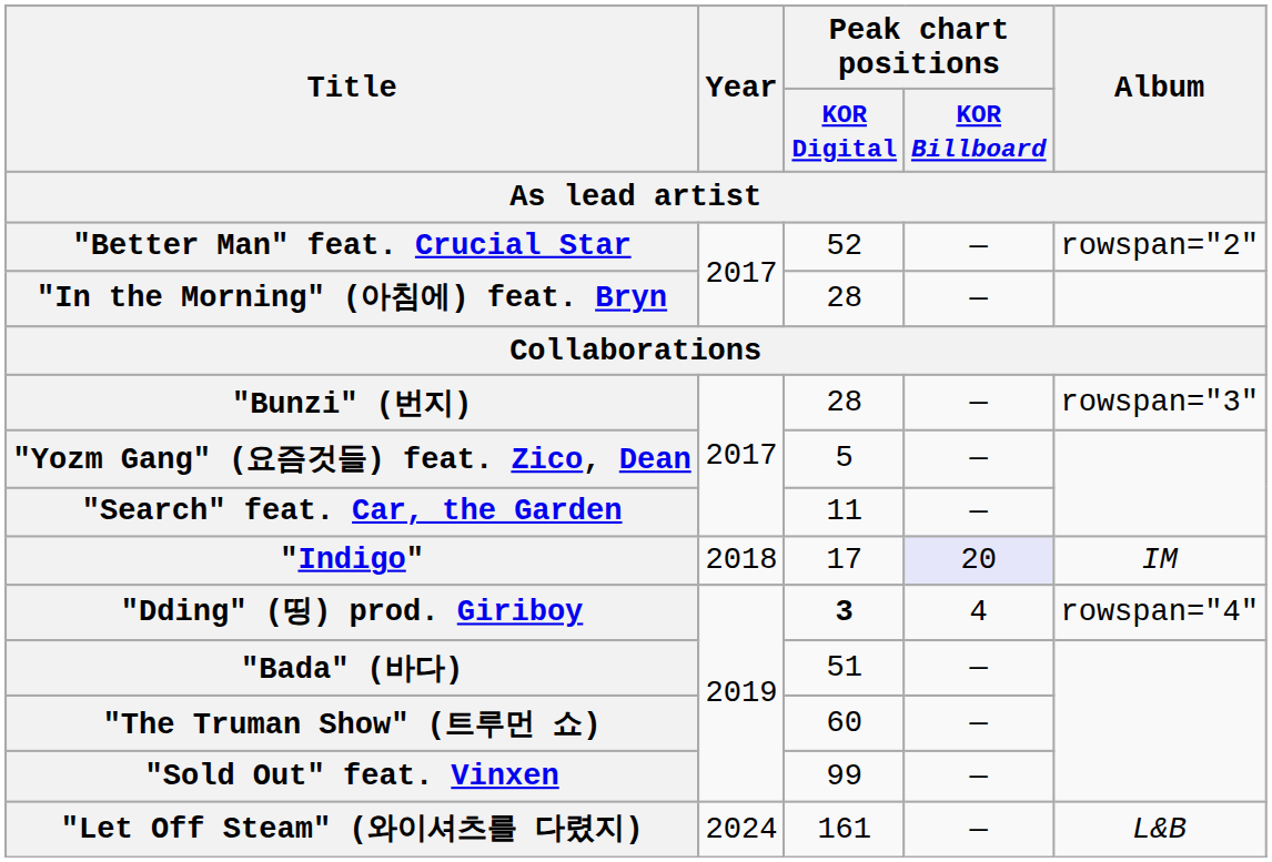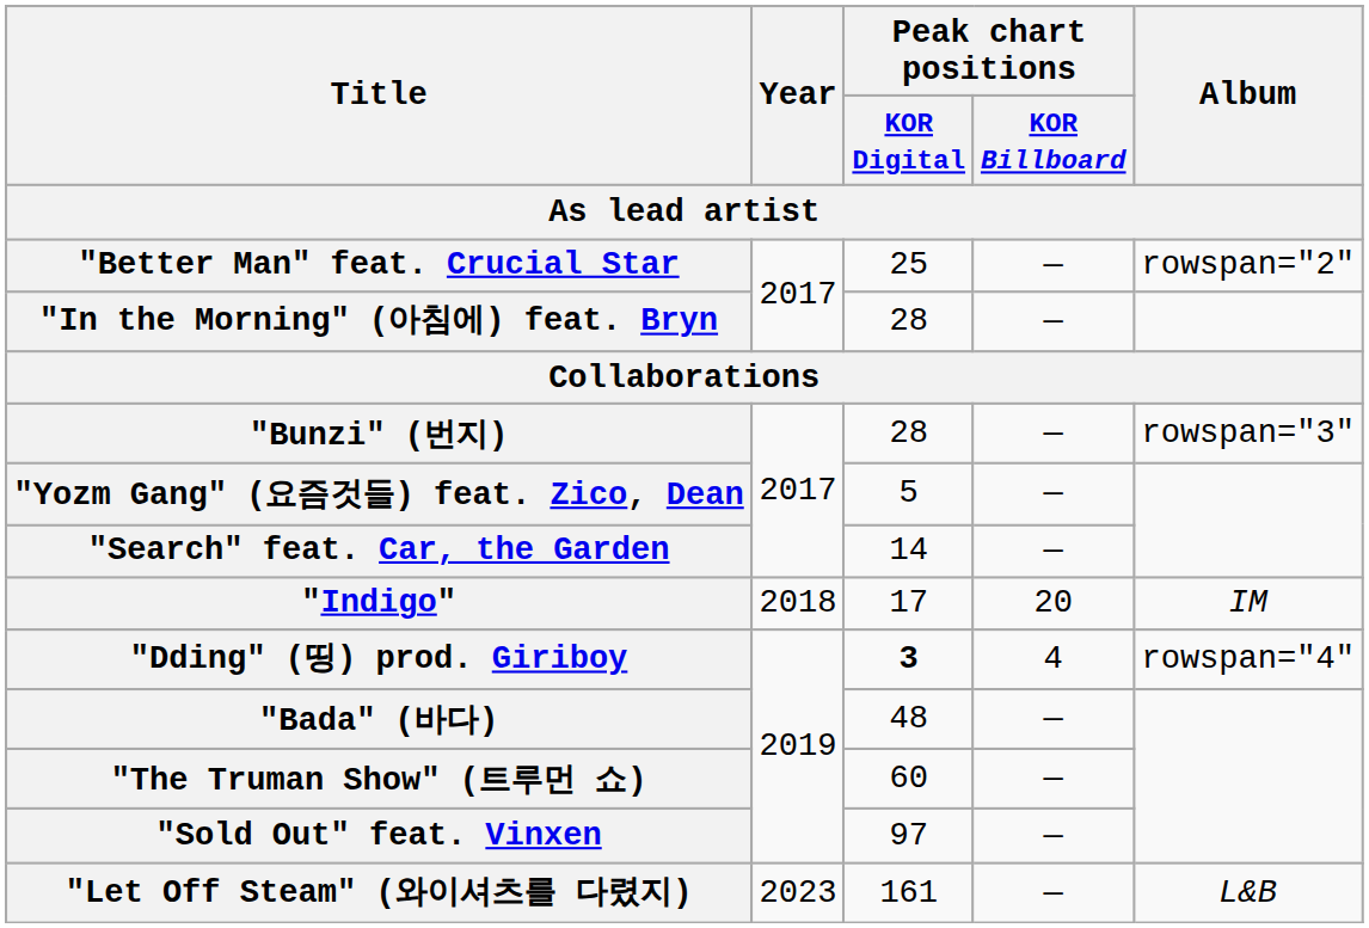 <table class="wikitable plainrowheaders" style="text-align:center;">
 <tr>
 <th scope="col" rowspan="2">Title</th>
 <th scope="col" rowspan="2">Year</th>
 <th scope="col" colspan="2">Peak chart <br> positions</th>
 <th scope="col" rowspan="2">Album</th>
 </tr>
 <tr>
 <th><small><a href='#'>KOR<br>Digital</a></small><br></th>
 <th><small><a href='#'>KOR<br><em>Billboard</em></a></small><br></th>
 </tr>
 <tr>
 <th scope="col" colspan="5">As lead artist</th>
 </tr>
 <tr>
 <th scope="row">"Better Man" feat. <a href='#'>Crucial Star</a></th>
 <td rowspan="2">2017</td>
-<td>52</td>
+<td>25</td>
 <td>—</td>
 <td>rowspan="2" </td>
 </tr>
 <tr>
 <th scope="row">"In the Morning" (아침에) feat. <a href='#'>Bryn</a></th>
 <td>28</td>
 <td>—</td>
 </tr>
 <tr>
 <th scope="col" colspan="5">Collaborations</th>
 </tr>
 <tr>
 <th scope="row">"Bunzi" (번지)<br></th>
 <td rowspan="3">2017</td>
 <td>28</td>
 <td>—</td>
 <td>rowspan="3" </td>
 </tr>
 <tr>
 <th scope="row">"Yozm Gang" (요즘것들) feat. <a href='#'>Zico</a>, <a href='#'>Dean</a><br></th>
 <td>5</td>
 <td>—</td>
 </tr>
 <tr>
 <th scope="row">"Search" feat. <a href='#'>Car, the Garden</a><br></th>
-<td>11</td>
+<td>14</td>
 <td>—</td>
 </tr>
 <tr>
 <th scope="row">"<a href='#'>Indigo</a>"<br></th>
 <td>2018</td>
 <td>17</td>
-<td style="background: lavender;">20</td>
+<td>20</td>
 <td><em>IM</em></td>
 </tr>
 <tr>
 <th scope="row">"Dding" (띵) prod. <a href='#'>Giriboy</a><br></th>
 <td rowspan="4">2019</td>
 <td><strong>3</strong></td>
 <td>4</td>
 <td>rowspan="4" </td>
 </tr>
 <tr>
 <th scope="row">"Bada" (바다)<br></th>
-<td>51</td>
+<td>48</td>
 <td>—</td>
 </tr>
 <tr>
 <th scope="row">"The Truman Show" (트루먼 쇼)<br></th>
 <td>60</td>
 <td>—</td>
 </tr>
 <tr>
 <th scope="row">"Sold Out" feat. <a href='#'>Vinxen</a></th>
-<td>99</td>
+<td>97</td>
 <td>—</td>
 </tr>
 <tr>
 <th scope="row">"Let Off Steam" (와이셔츠를 다렸지)<br></th>
-<td>2024</td>
+<td>2023</td>
 <td>161</td>
 <td>—</td>
 <td><em>L&B</em></td>
 </tr>
 </table>
